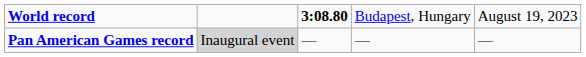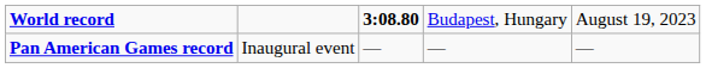 <table class="wikitable">
 <tr>
 <td><strong><a href='#'>World record</a></strong></td>
 <td></td>
 <td><strong>3:08.80</strong></td>
 <td><a href='#'>Budapest</a>, Hungary</td>
 <td>August 19, 2023</td>
 </tr>
 <tr>
 <td><strong><a href='#'>Pan American Games record</a></strong></td>
-<td style="background: lightgrey;">Inaugural event</td>
+<td>Inaugural event</td>
 <td>—</td>
 <td>—</td>
 <td>—</td>
 </tr>
 </table>
